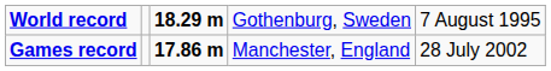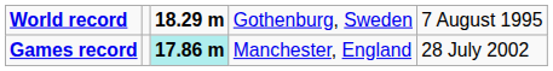 <table class="wikitable">
 <tr>
 <td><a href='#'><strong>World record</strong></a></td>
 <td></td>
 <td><strong>18.29 m</strong></td>
 <td><a href='#'>Gothenburg</a>, <a href='#'>Sweden</a></td>
 <td>7 August 1995</td>
 </tr>
 <tr>
 <td><a href='#'><strong>Games record</strong></a></td>
 <td></td>
-<td><strong>17.86 m</strong></td>
+<td style="background: paleturquoise;"><strong>17.86 m</strong></td>
 <td><a href='#'>Manchester</a>, <a href='#'>England</a></td>
 <td>28 July 2002</td>
 </tr>
 </table>
